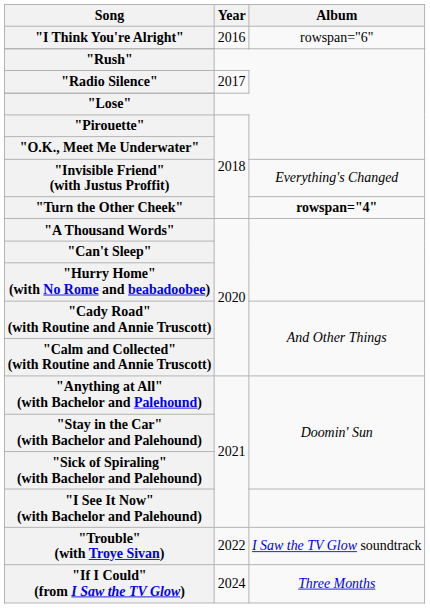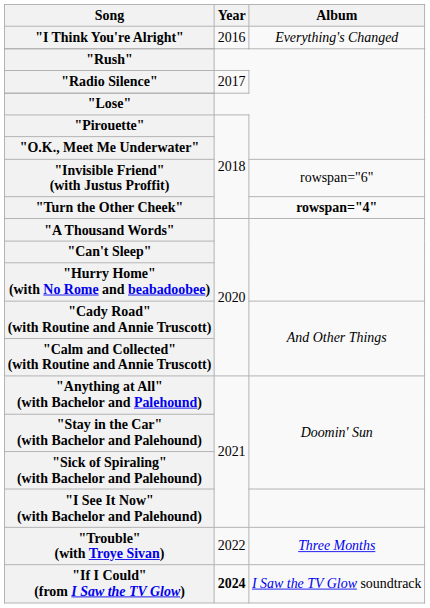 <table class="wikitable plainrowheaders" style="text-align:center;">
 <tr>
 <th>Song</th>
 <th>Year</th>
 <th>Album</th>
 </tr>
 <tr>
 <th scope="row">"I Think You're Alright"</th>
 <td rowspan="2">2016</td>
-<td>rowspan="6" </td>
+<td><em>Everything's Changed</em></td>
 </tr>
 <tr>
 </tr>
 <tr>
 <th scope="row">"Rush"</th>
 </tr>
 <tr>
 <th scope="row">"Radio Silence"</th>
 <td rowspan="2">2017</td>
 </tr>
 <tr>
 </tr>
 <tr>
 <th scope="row">"Lose"</th>
 </tr>
 <tr>
 <th scope="row">"Pirouette"</th>
 <td rowspan="4">2018</td>
 </tr>
 <tr>
 <th scope="row">"O.K., Meet Me Underwater"</th>
 </tr>
 <tr>
 <th scope="row">"Invisible Friend"<br><span>(with Justus Proffit)</span></th>
-<td><em>Everything's Changed</em></td>
+<td>rowspan="6" </td>
 </tr>
 <tr>
 <th scope="row">"Turn the Other Cheek"</th>
 <td><strong>rowspan="4" </strong></td>
 </tr>
 <tr>
 <th scope="row">"A Thousand Words"</th>
 <td rowspan="5">2020</td>
 </tr>
 <tr>
 <th scope="row">"Can't Sleep"</th>
 </tr>
 <tr>
 <th scope="row">"Hurry Home"<br><span>(with <a href='#'>No Rome</a> and  <a href='#'>beabadoobee</a>)</span></th>
 </tr>
 <tr>
 <th scope="row">"Cady Road"<br><span>(with Routine and Annie Truscott)</span></th>
 <td rowspan="2"><em>And Other Things</em></td>
 </tr>
 <tr>
 <th scope="row">"Calm and Collected"<br><span>(with Routine and Annie Truscott)</span></th>
 </tr>
 <tr>
 <th scope="row">"Anything at All"<br><span>(with Bachelor and <a href='#'>Palehound</a>)</span></th>
 <td rowspan="4">2021</td>
 <td rowspan="3"><em>Doomin' Sun</em></td>
 </tr>
 <tr>
 <th scope="row">"Stay in the Car"<br><span>(with Bachelor and Palehound)</span></th>
 </tr>
 <tr>
 <th scope="row">"Sick of Spiraling"<br><span>(with Bachelor and Palehound)</span></th>
 </tr>
 <tr>
 <th scope="row">"I See It Now"<br><span>(with Bachelor and Palehound)</span></th>
 <td></td>
 </tr>
 <tr>
 <th scope="row">"Trouble"<br><span>(with <a href='#'>Troye Sivan</a>)</span></th>
 <td>2022</td>
-<td><em><a href='#'>I Saw the TV Glow</a></em> soundtrack</td>
+<td><em><a href='#'>Three Months</a></em></td>
 </tr>
 <tr>
 <th scope="row">"If I Could"<br><span>(from <em><a href='#'>I Saw the TV Glow</a></em>)</span></th>
-<td>2024</td>
-<td><em><a href='#'>Three Months</a></em></td>
+<td><strong>2024</strong></td>
+<td><em><a href='#'>I Saw the TV Glow</a></em> soundtrack</td>
 </tr>
 </table>
